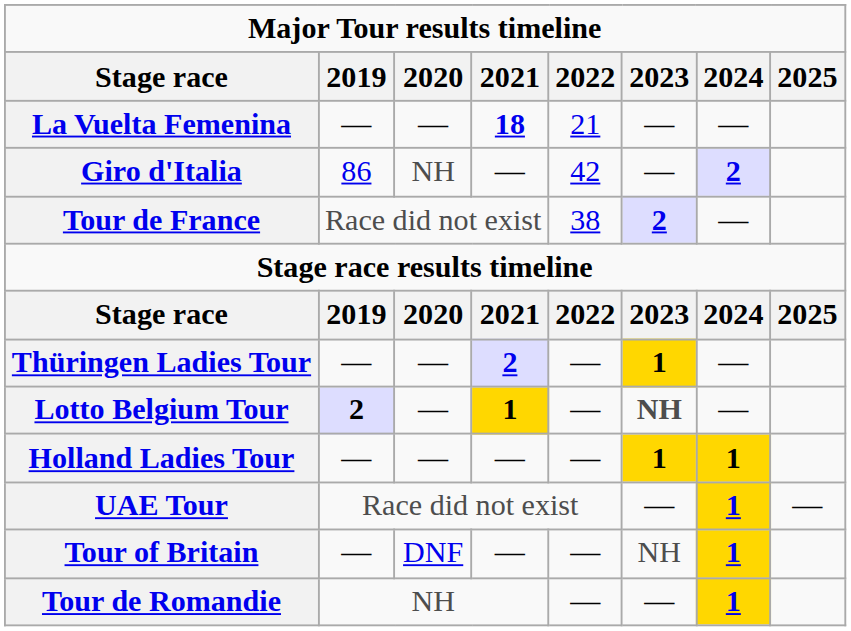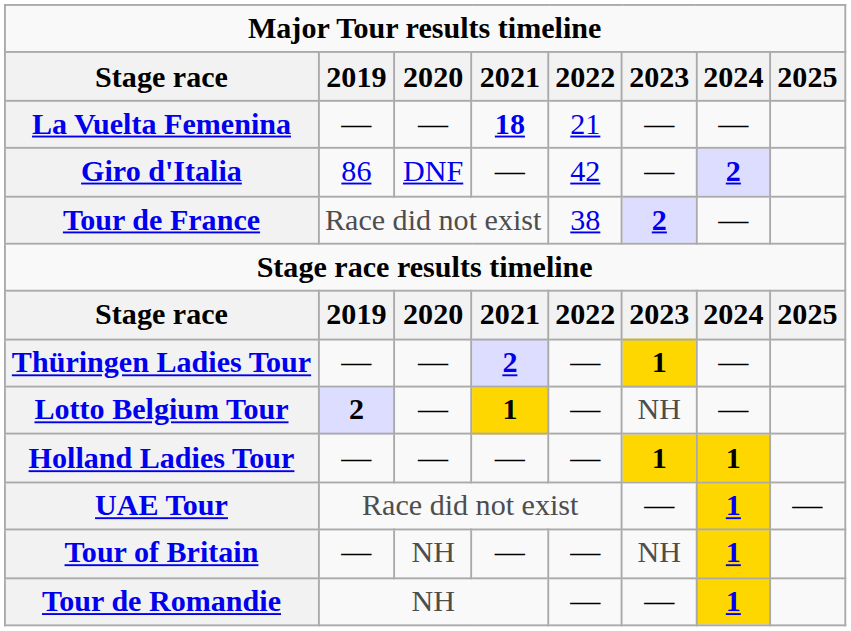 <table class="wikitable plainrowheaders">
 <tr>
 <td colspan="16" align="center"><strong>Major Tour results timeline</strong></td>
 </tr>
 <tr style="background:#EEEEEE;">
 <th>Stage race</th>
 <th>2019</th>
 <th>2020</th>
 <th>2021</th>
 <th>2022</th>
 <th>2023</th>
 <th>2024</th>
 <th>2025</th>
 </tr>
 <tr style="text-align:center">
 <th scope="row"><a href='#'>La Vuelta Femenina</a></th>
 <td>—</td>
 <td>—</td>
 <td><strong><a href='#'>18</a></strong></td>
 <td><a href='#'>21</a></td>
 <td>—</td>
 <td>—</td>
 <td></td>
 </tr>
 <tr style="text-align:center">
 <th scope="row"><a href='#'>Giro d'Italia</a></th>
 <td><a href='#'>86</a></td>
-<td style="color:#4d4d4d;">NH</td>
+<td><a href='#'>DNF</a></td>
 <td>—</td>
 <td><a href='#'>42</a></td>
 <td>—</td>
 <td style="background:#ddf;"><a href='#'><strong>2</strong></a></td>
 <td></td>
 </tr>
 <tr style="text-align:center">
 <th scope="row"><a href='#'>Tour de France</a></th>
 <td style="color:#4d4d4d;" colspan=3>Race did not exist</td>
 <td><a href='#'>38</a></td>
 <td style="background:#ddf;"><a href='#'><strong>2</strong></a></td>
 <td>—</td>
 <td></td>
 </tr>
 <tr>
 <td colspan="16" align="center"><strong>Stage race results timeline</strong></td>
 </tr>
 <tr style="background:#EEEEEE;">
 <th>Stage race</th>
 <th>2019</th>
 <th>2020</th>
 <th>2021</th>
 <th>2022</th>
 <th>2023</th>
 <th>2024</th>
 <th>2025</th>
 </tr>
 <tr style="text-align:center">
 <th scope="row"><a href='#'>Thüringen Ladies Tour</a></th>
 <td>—</td>
 <td>—</td>
 <td style="background:#ddf;"><a href='#'><strong>2</strong></a></td>
 <td>—</td>
 <td style="background:gold;"><strong>1</strong></td>
 <td>—</td>
 <td></td>
 </tr>
 <tr style="text-align:center">
 <th scope="row"><a href='#'>Lotto Belgium Tour</a></th>
 <td style="background:#ddf;"><strong>2</strong></td>
 <td>—</td>
 <td style="background:gold;"><strong>1</strong></td>
 <td>—</td>
-<td style="color:#4d4d4d;"><strong>NH</strong></td>
+<td style="color:#4d4d4d;">NH</td>
 <td>—</td>
 <td></td>
 </tr>
 <tr style="text-align:center">
 <th scope="row"><a href='#'>Holland Ladies Tour</a></th>
 <td>—</td>
 <td>—</td>
 <td>—</td>
 <td>—</td>
 <td style="background:gold;"><strong>1</strong></td>
 <td style="background:gold;"><strong>1</strong></td>
 <td></td>
 </tr>
 <tr style="text-align:center">
 <th scope="row"><a href='#'>UAE Tour</a></th>
 <td style="color:#4d4d4d;" colspan=4>Race did not exist</td>
 <td>—</td>
 <td style="background:gold;"><a href='#'><strong>1</strong></a></td>
 <td>—</td>
 </tr>
 <tr style="text-align:center">
 <th scope="row"><a href='#'>Tour of Britain</a></th>
 <td>—</td>
-<td><a href='#'>DNF</a></td>
+<td style="color:#4d4d4d;">NH</td>
 <td>—</td>
 <td>—</td>
 <td style="color:#4d4d4d;">NH</td>
 <td style="background:gold;"><a href='#'><strong>1</strong></a></td>
 <td></td>
 </tr>
 <tr style="text-align:center">
 <th scope="row"><a href='#'>Tour de Romandie</a></th>
 <td style="color:#4d4d4d;" colspan=3>NH</td>
 <td>—</td>
 <td>—</td>
 <td style="background:gold;"><a href='#'><strong>1</strong></a></td>
 <td></td>
 </tr>
 </table>
